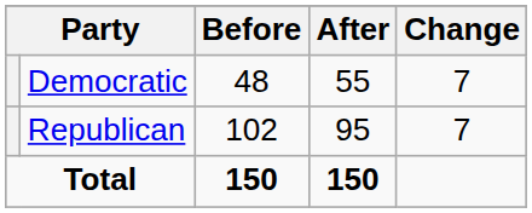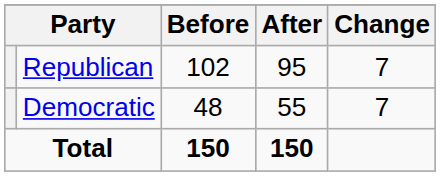 <table class="wikitable" style="text-align:center;">
 <tr>
 </tr>
 <tr>
 <th colspan=2>Party</th>
 <th>Before</th>
 <th>After</th>
 <th>Change</th>
 </tr>
 <tr>
 <th style="background-color:"></th>
-<td style="text-align:left;"><a href='#'>Democratic</a></td>
-<td>48</td>
-<td>55</td>
+<td style="text-align:left;"><a href='#'>Republican</a></td>
+<td>102</td>
+<td>95</td>
 <td> 7</td>
 </tr>
 <tr>
 <th style="background-color:"></th>
-<td style="text-align:left;"><a href='#'>Republican</a></td>
-<td>102</td>
-<td>95</td>
+<td style="text-align:left;"><a href='#'>Democratic</a></td>
+<td>48</td>
+<td>55</td>
 <td> 7</td>
 </tr>
 <tr>
 <td colspan=2><strong>Total</strong></td>
 <td><strong>150</strong></td>
 <td><strong>150</strong></td>
 <td></td>
 </tr>
 </table>
